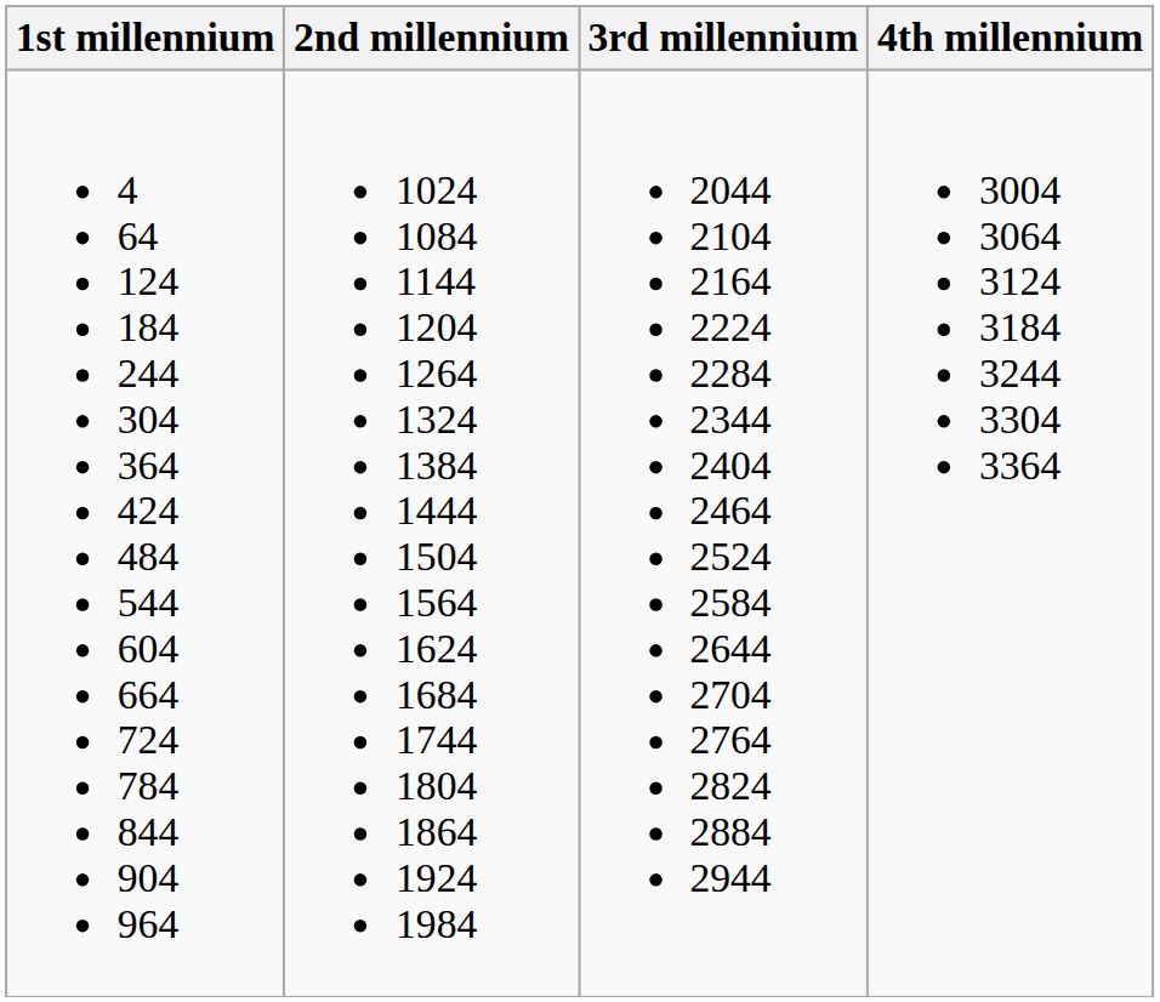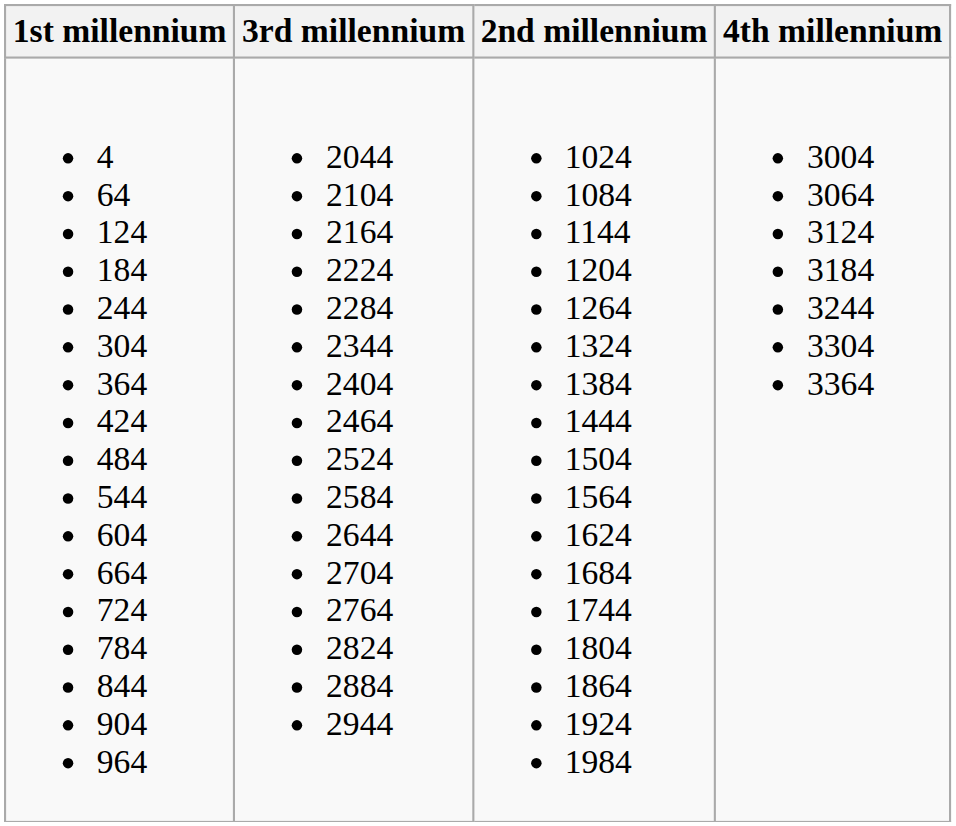 <table class="wikitable">
 <tr>
 <th>1st millennium</th>
+<th>3rd millennium</th>
 <th>2nd millennium</th>
-<th>3rd millennium</th>
 <th>4th millennium</th>
 </tr>
 <tr style="vertical-align:top;">
 <td><br><ul><li>4</li><li>64</li><li>124</li><li>184</li><li>244</li><li>304</li><li>364</li><li>424</li><li>484</li><li>544</li><li>604</li><li>664</li><li>724</li><li>784</li><li>844</li><li>904</li><li>964</li></ul></td>
+<td><br><ul><li>2044</li><li>2104</li><li>2164</li><li>2224</li><li>2284</li><li>2344</li><li>2404</li><li>2464</li><li>2524</li><li>2584</li><li>2644</li><li>2704</li><li>2764</li><li>2824</li><li>2884</li><li>2944</li></ul></td>
 <td><br><ul><li>1024</li><li>1084</li><li>1144</li><li>1204</li><li>1264</li><li>1324</li><li>1384</li><li>1444</li><li>1504</li><li>1564</li><li>1624</li><li>1684</li><li>1744</li><li>1804</li><li>1864</li><li>1924</li><li>1984</li></ul></td>
-<td><br><ul><li>2044</li><li>2104</li><li>2164</li><li>2224</li><li>2284</li><li>2344</li><li>2404</li><li>2464</li><li>2524</li><li>2584</li><li>2644</li><li>2704</li><li>2764</li><li>2824</li><li>2884</li><li>2944</li></ul></td>
 <td><br><ul><li>3004</li><li>3064</li><li>3124</li><li>3184</li><li>3244</li><li>3304</li><li>3364</li></ul></td>
 </tr>
 </table>
